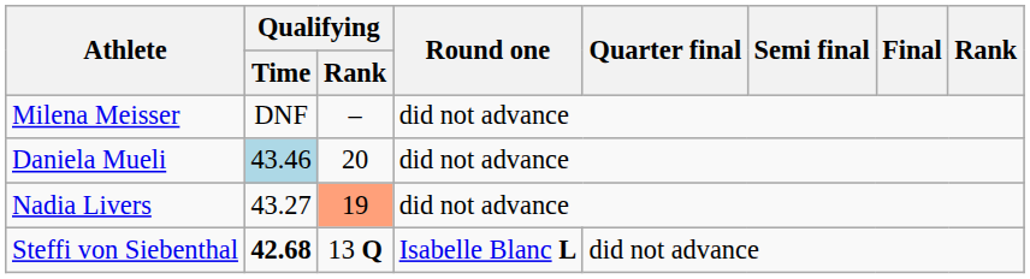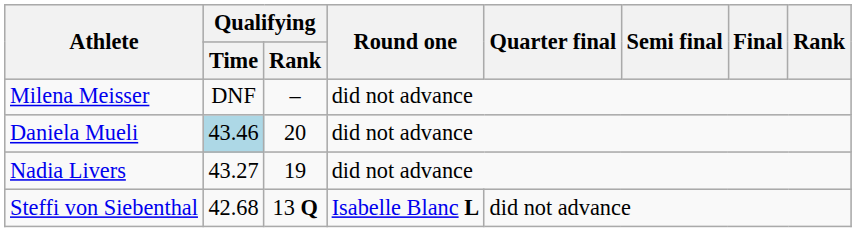 <table class="wikitable" style="font-size:90%">
 <tr>
 <th rowspan="2">Athlete</th>
 <th colspan="2">Qualifying</th>
 <th rowspan="2">Round one</th>
 <th rowspan="2">Quarter final</th>
 <th rowspan="2">Semi final</th>
 <th rowspan="2">Final</th>
 <th rowspan="2">Rank</th>
 </tr>
 <tr>
 <th>Time</th>
 <th>Rank</th>
 </tr>
 <tr>
 <td><a href='#'>Milena Meisser</a></td>
 <td align="center">DNF</td>
 <td align="center">–</td>
 <td colspan="5">did not advance</td>
 </tr>
 <tr>
 <td><a href='#'>Daniela Mueli</a></td>
 <td align="center" style="background: lightblue;">43.46</td>
 <td align="center">20</td>
 <td colspan="5">did not advance</td>
 </tr>
 <tr>
 <td><a href='#'>Nadia Livers</a></td>
 <td align="center">43.27</td>
-<td align="center" style="background: lightsalmon;">19</td>
+<td align="center">19</td>
 <td colspan="5">did not advance</td>
 </tr>
 <tr>
 <td><a href='#'>Steffi von Siebenthal</a></td>
-<td align="center"><strong>42.68</strong></td>
+<td align="center">42.68</td>
 <td align="center">13 <strong>Q</strong></td>
 <td> <a href='#'>Isabelle Blanc</a> <strong>L</strong></td>
 <td colspan="4">did not advance</td>
 </tr>
 </table>
